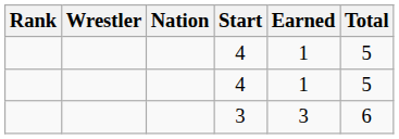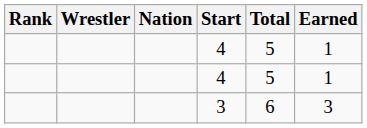 <table class="wikitable sortable" style="text-align:center;">
 <tr>
 <th>Rank</th>
 <th>Wrestler</th>
 <th>Nation</th>
 <th>Start</th>
+<th>Total</th>
 <th>Earned</th>
-<th>Total</th>
 </tr>
 <tr>
 <td></td>
 <td align=left></td>
 <td align=left></td>
 <td>4</td>
+<td>5</td>
 <td>1</td>
-<td>5</td>
 </tr>
 <tr>
 <td></td>
 <td align=left></td>
 <td align=left></td>
 <td>4</td>
+<td>5</td>
 <td>1</td>
-<td>5</td>
 </tr>
 <tr>
 <td></td>
 <td align=left></td>
 <td align=left></td>
 <td>3</td>
+<td>6</td>
 <td>3</td>
-<td>6</td>
 </tr>
 </table>
